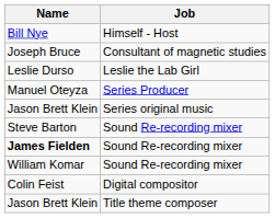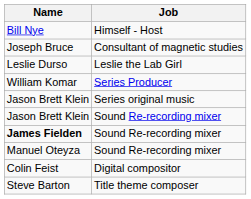 <table class="wikitable">
 <tr>
 <th>Name</th>
 <th>Job</th>
 </tr>
 <tr>
 <td><a href='#'>Bill Nye</a></td>
 <td>Himself - Host</td>
 </tr>
 <tr>
 <td>Joseph Bruce</td>
 <td>Consultant of magnetic studies</td>
 </tr>
 <tr>
 <td>Leslie Durso</td>
 <td>Leslie the Lab Girl</td>
 </tr>
 <tr>
-<td>Manuel Oteyza</td>
+<td>William Komar</td>
 <td><a href='#'>Series Producer</a></td>
 </tr>
 <tr>
 <td>Jason Brett Klein</td>
 <td>Series original music</td>
 </tr>
 <tr>
-<td>Steve Barton</td>
+<td>Jason Brett Klein</td>
 <td>Sound <a href='#'>Re-recording mixer</a></td>
 </tr>
 <tr>
 <td><strong>James Fielden</strong></td>
 <td>Sound Re-recording mixer</td>
 </tr>
 <tr>
-<td>William Komar</td>
+<td>Manuel Oteyza</td>
 <td>Sound Re-recording mixer</td>
 </tr>
 <tr>
 <td>Colin Feist</td>
 <td>Digital compositor</td>
 </tr>
 <tr>
-<td>Jason Brett Klein</td>
+<td>Steve Barton</td>
 <td>Title theme composer</td>
 </tr>
 </table>
